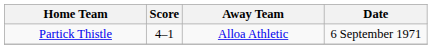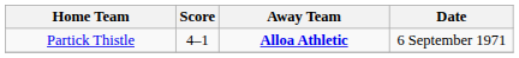 <table class="wikitable" style="text-align:center;">
 <tr>
 <th width=175>Home Team</th>
 <th width=20>Score</th>
 <th width=175>Away Team</th>
 <th width= 125>Date</th>
 </tr>
 <tr>
 <td><a href='#'>Partick Thistle</a></td>
 <td>4–1</td>
-<td><a href='#'>Alloa Athletic</a></td>
+<td><strong><a href='#'>Alloa Athletic</a></strong></td>
 <td>6 September 1971</td>
 </tr>
 <tr>
 </tr>
 </table>
